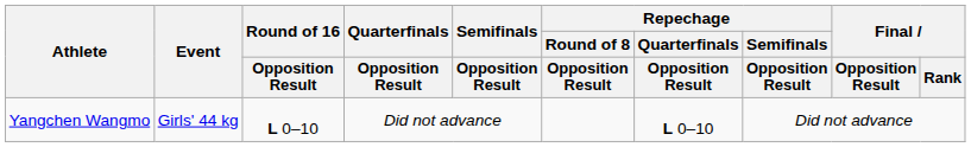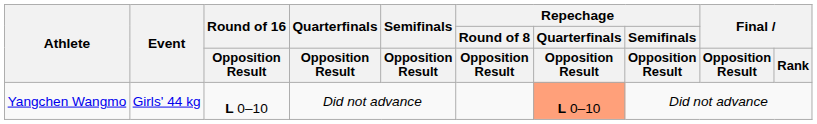 <table class=wikitable style="text-align:center; font-size:90%">
 <tr>
 <th rowspan="3">Athlete</th>
 <th rowspan="3">Event</th>
 <th rowspan="2">Round of 16</th>
 <th rowspan="2">Quarterfinals</th>
 <th rowspan="2">Semifinals</th>
 <th colspan="3">Repechage</th>
 <th rowspan="2" colspan="2">Final / </th>
 </tr>
 <tr>
 <th>Round of 8</th>
 <th>Quarterfinals</th>
 <th>Semifinals</th>
 </tr>
 <tr style="font-size:95%">
 <th>Opposition<br>Result</th>
 <th>Opposition<br>Result</th>
 <th>Opposition<br>Result</th>
 <th>Opposition<br>Result</th>
 <th>Opposition<br>Result</th>
 <th>Opposition<br>Result</th>
 <th>Opposition<br>Result</th>
 <th>Rank</th>
 </tr>
 <tr>
 <td align=left><a href='#'>Yangchen Wangmo</a></td>
 <td align=left><a href='#'>Girls' 44 kg</a></td>
 <td><br><strong>L</strong> 0–10</td>
 <td Colspan=2><em>Did not advance</em></td>
 <td></td>
-<td><br><strong>L</strong> 0–10</td>
+<td style="background: lightsalmon;"><br><strong>L</strong> 0–10</td>
 <td Colspan=3><em>Did not advance</em></td>
 </tr>
 </table>
